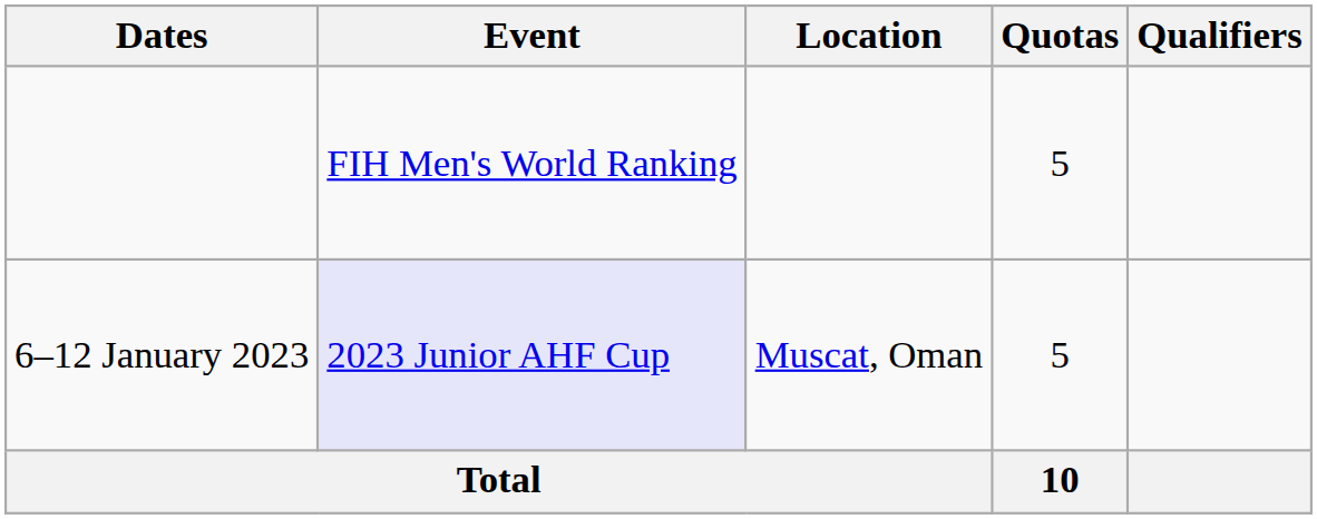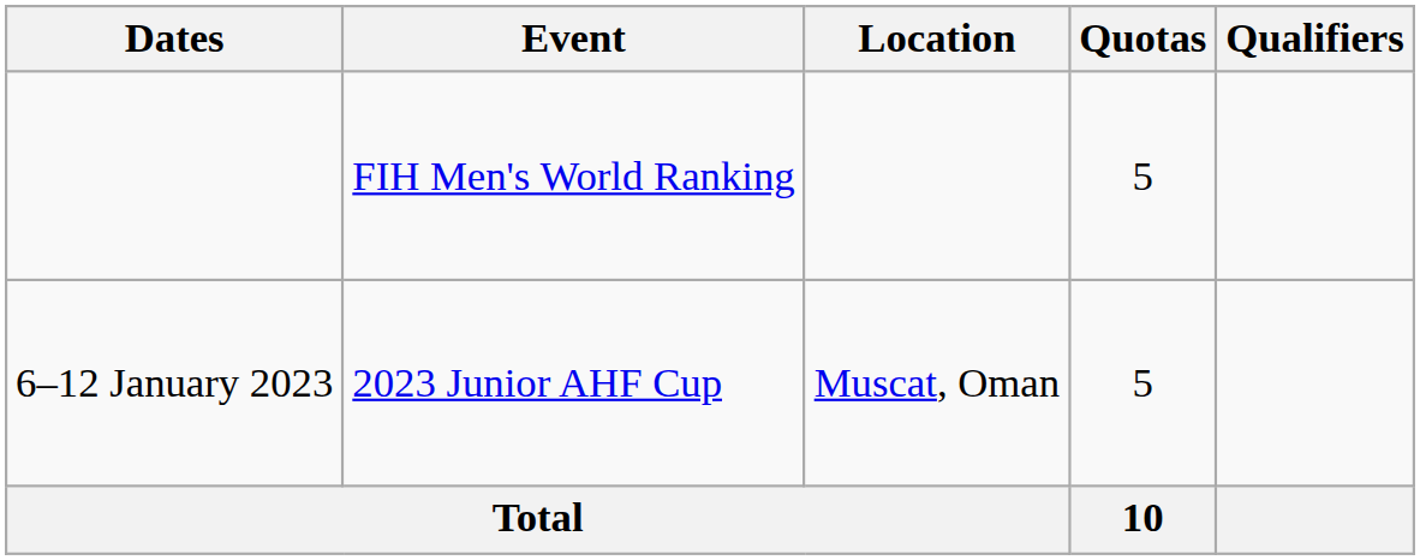 <table class="wikitable">
 <tr>
 <th>Dates</th>
 <th>Event</th>
 <th>Location</th>
 <th>Quotas</th>
 <th>Qualifiers</th>
 </tr>
 <tr>
 <td></td>
 <td><a href='#'>FIH Men's World Ranking</a></td>
 <td></td>
 <td align=center>5</td>
 <td><br><br><br><br></td>
 </tr>
 <tr>
 <td>6–12 January 2023</td>
-<td style="background: lavender;"><a href='#'>2023 Junior AHF Cup</a></td>
+<td><a href='#'>2023 Junior AHF Cup</a></td>
 <td><a href='#'>Muscat</a>, Oman</td>
 <td align=center>5</td>
 <td><br><br><br><br></td>
 </tr>
 <tr>
 <th colspan=3>Total</th>
 <th>10</th>
 <th></th>
 </tr>
 </table>
